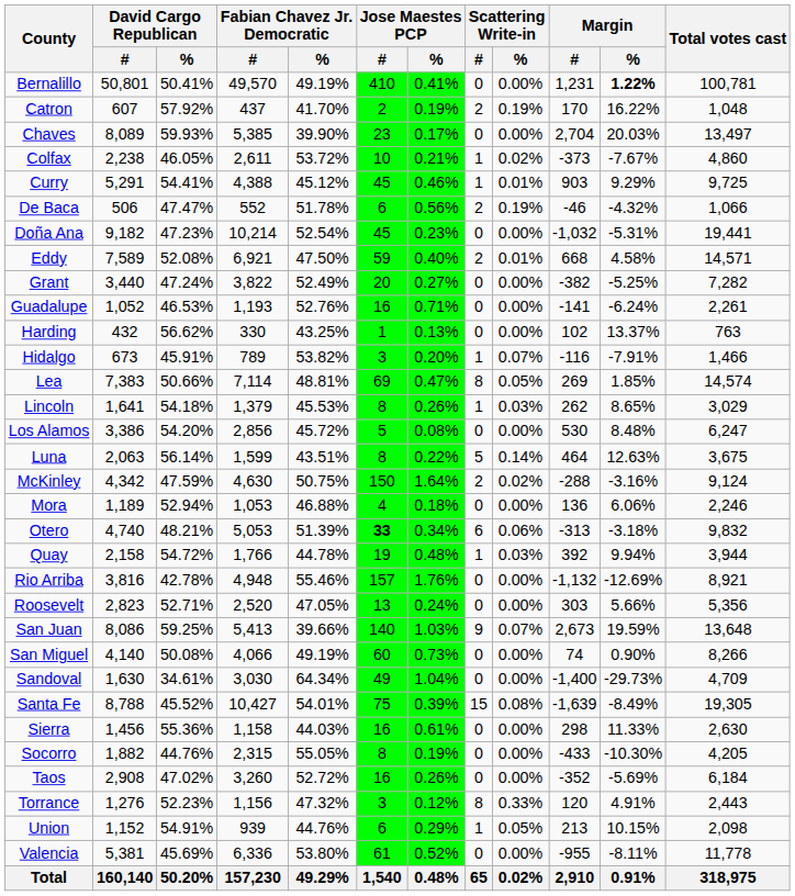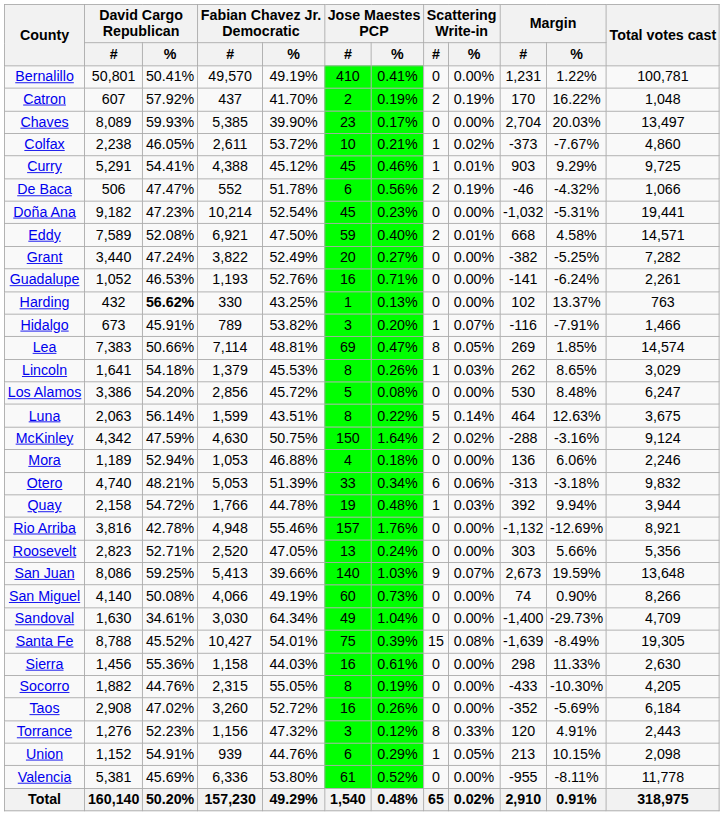 <table class="wikitable sortable" style="text-align:center">
 <tr>
 <th style="text-align:center;" rowspan="2">County</th>
 <th style="text-align:center;" colspan="2">David Cargo<br>Republican</th>
 <th style="text-align:center;" colspan="2">Fabian Chavez Jr.<br>Democratic</th>
 <th style="text-align:center;" colspan="2">Jose Maestes<br>PCP</th>
 <th style="text-align:center;" colspan="2">Scattering<br>Write-in</th>
 <th style="text-align:center;" colspan="2">Margin</th>
 <th style="text-align:center;" rowspan="2">Total votes cast</th>
 </tr>
 <tr>
 <th style="text-align:center;" data-sort-type="number">#</th>
 <th style="text-align:center;" data-sort-type="number">%</th>
 <th style="text-align:center;" data-sort-type="number">#</th>
 <th style="text-align:center;" data-sort-type="number">%</th>
 <th style="text-align:center;" data-sort-type="number">#</th>
 <th style="text-align:center;" data-sort-type="number">%</th>
 <th style="text-align:center;" data-sort-type="number">#</th>
 <th style="text-align:center;" data-sort-type="number">%</th>
 <th style="text-align:center;" data-sort-type="number">#</th>
 <th style="text-align:center;" data-sort-type="number">%</th>
 </tr>
 <tr style="text-align:center;">
 <td><a href='#'>Bernalillo</a></td>
 <td>50,801</td>
 <td>50.41%</td>
 <td>49,570</td>
 <td>49.19%</td>
 <td bgcolor="#00FF00">410</td>
 <td bgcolor="#00FF00">0.41%</td>
 <td>0</td>
 <td>0.00%</td>
 <td>1,231</td>
-<td><strong>1.22%</strong></td>
+<td>1.22%</td>
 <td>100,781</td>
 </tr>
 <tr style="text-align:center;">
 <td><a href='#'>Catron</a></td>
 <td>607</td>
 <td>57.92%</td>
 <td>437</td>
 <td>41.70%</td>
 <td bgcolor="#00FF00">2</td>
 <td bgcolor="#00FF00">0.19%</td>
 <td>2</td>
 <td>0.19%</td>
 <td>170</td>
 <td>16.22%</td>
 <td>1,048</td>
 </tr>
 <tr style="text-align:center;">
 <td><a href='#'>Chaves</a></td>
 <td>8,089</td>
 <td>59.93%</td>
 <td>5,385</td>
 <td>39.90%</td>
 <td bgcolor="#00FF00">23</td>
 <td bgcolor="#00FF00">0.17%</td>
 <td>0</td>
 <td>0.00%</td>
 <td>2,704</td>
 <td>20.03%</td>
 <td>13,497</td>
 </tr>
 <tr style="text-align:center;">
 <td><a href='#'>Colfax</a></td>
 <td>2,238</td>
 <td>46.05%</td>
 <td>2,611</td>
 <td>53.72%</td>
 <td bgcolor="#00FF00">10</td>
 <td bgcolor="#00FF00">0.21%</td>
 <td>1</td>
 <td>0.02%</td>
 <td>-373</td>
 <td>-7.67%</td>
 <td>4,860</td>
 </tr>
 <tr style="text-align:center;">
 <td><a href='#'>Curry</a></td>
 <td>5,291</td>
 <td>54.41%</td>
 <td>4,388</td>
 <td>45.12%</td>
 <td bgcolor="#00FF00">45</td>
 <td bgcolor="#00FF00">0.46%</td>
 <td>1</td>
 <td>0.01%</td>
 <td>903</td>
 <td>9.29%</td>
 <td>9,725</td>
 </tr>
 <tr style="text-align:center;">
 <td><a href='#'>De Baca</a></td>
 <td>506</td>
 <td>47.47%</td>
 <td>552</td>
 <td>51.78%</td>
 <td bgcolor="#00FF00">6</td>
 <td bgcolor="#00FF00">0.56%</td>
 <td>2</td>
 <td>0.19%</td>
 <td>-46</td>
 <td>-4.32%</td>
 <td>1,066</td>
 </tr>
 <tr style="text-align:center;">
 <td><a href='#'>Doña Ana</a></td>
 <td>9,182</td>
 <td>47.23%</td>
 <td>10,214</td>
 <td>52.54%</td>
 <td bgcolor="#00FF00">45</td>
 <td bgcolor="#00FF00">0.23%</td>
 <td>0</td>
 <td>0.00%</td>
 <td>-1,032</td>
 <td>-5.31%</td>
 <td>19,441</td>
 </tr>
 <tr style="text-align:center;">
 <td><a href='#'>Eddy</a></td>
 <td>7,589</td>
 <td>52.08%</td>
 <td>6,921</td>
 <td>47.50%</td>
 <td bgcolor="#00FF00">59</td>
 <td bgcolor="#00FF00">0.40%</td>
 <td>2</td>
 <td>0.01%</td>
 <td>668</td>
 <td>4.58%</td>
 <td>14,571</td>
 </tr>
 <tr style="text-align:center;">
 <td><a href='#'>Grant</a></td>
 <td>3,440</td>
 <td>47.24%</td>
 <td>3,822</td>
 <td>52.49%</td>
 <td bgcolor="#00FF00">20</td>
 <td bgcolor="#00FF00">0.27%</td>
 <td>0</td>
 <td>0.00%</td>
 <td>-382</td>
 <td>-5.25%</td>
 <td>7,282</td>
 </tr>
 <tr style="text-align:center;">
 <td><a href='#'>Guadalupe</a></td>
 <td>1,052</td>
 <td>46.53%</td>
 <td>1,193</td>
 <td>52.76%</td>
 <td bgcolor="#00FF00">16</td>
 <td bgcolor="#00FF00">0.71%</td>
 <td>0</td>
 <td>0.00%</td>
 <td>-141</td>
 <td>-6.24%</td>
 <td>2,261</td>
 </tr>
 <tr style="text-align:center;">
 <td><a href='#'>Harding</a></td>
 <td>432</td>
-<td>56.62%</td>
+<td><strong>56.62%</strong></td>
 <td>330</td>
 <td>43.25%</td>
 <td bgcolor="#00FF00">1</td>
 <td bgcolor="#00FF00">0.13%</td>
 <td>0</td>
 <td>0.00%</td>
 <td>102</td>
 <td>13.37%</td>
 <td>763</td>
 </tr>
 <tr style="text-align:center;">
 <td><a href='#'>Hidalgo</a></td>
 <td>673</td>
 <td>45.91%</td>
 <td>789</td>
 <td>53.82%</td>
 <td bgcolor="#00FF00">3</td>
 <td bgcolor="#00FF00">0.20%</td>
 <td>1</td>
 <td>0.07%</td>
 <td>-116</td>
 <td>-7.91%</td>
 <td>1,466</td>
 </tr>
 <tr style="text-align:center;">
 <td><a href='#'>Lea</a></td>
 <td>7,383</td>
 <td>50.66%</td>
 <td>7,114</td>
 <td>48.81%</td>
 <td bgcolor="#00FF00">69</td>
 <td bgcolor="#00FF00">0.47%</td>
 <td>8</td>
 <td>0.05%</td>
 <td>269</td>
 <td>1.85%</td>
 <td>14,574</td>
 </tr>
 <tr style="text-align:center;">
 <td><a href='#'>Lincoln</a></td>
 <td>1,641</td>
 <td>54.18%</td>
 <td>1,379</td>
 <td>45.53%</td>
 <td bgcolor="#00FF00">8</td>
 <td bgcolor="#00FF00">0.26%</td>
 <td>1</td>
 <td>0.03%</td>
 <td>262</td>
 <td>8.65%</td>
 <td>3,029</td>
 </tr>
 <tr style="text-align:center;">
 <td><a href='#'>Los Alamos</a></td>
 <td>3,386</td>
 <td>54.20%</td>
 <td>2,856</td>
 <td>45.72%</td>
 <td bgcolor="#00FF00">5</td>
 <td bgcolor="#00FF00">0.08%</td>
 <td>0</td>
 <td>0.00%</td>
 <td>530</td>
 <td>8.48%</td>
 <td>6,247</td>
 </tr>
 <tr style="text-align:center;">
 <td><a href='#'>Luna</a></td>
 <td>2,063</td>
 <td>56.14%</td>
 <td>1,599</td>
 <td>43.51%</td>
 <td bgcolor="#00FF00">8</td>
 <td bgcolor="#00FF00">0.22%</td>
 <td>5</td>
 <td>0.14%</td>
 <td>464</td>
 <td>12.63%</td>
 <td>3,675</td>
 </tr>
 <tr style="text-align:center;">
 <td><a href='#'>McKinley</a></td>
 <td>4,342</td>
 <td>47.59%</td>
 <td>4,630</td>
 <td>50.75%</td>
 <td bgcolor="#00FF00">150</td>
 <td bgcolor="#00FF00">1.64%</td>
 <td>2</td>
 <td>0.02%</td>
 <td>-288</td>
 <td>-3.16%</td>
 <td>9,124</td>
 </tr>
 <tr style="text-align:center;">
 <td><a href='#'>Mora</a></td>
 <td>1,189</td>
 <td>52.94%</td>
 <td>1,053</td>
 <td>46.88%</td>
 <td bgcolor="#00FF00">4</td>
 <td bgcolor="#00FF00">0.18%</td>
 <td>0</td>
 <td>0.00%</td>
 <td>136</td>
 <td>6.06%</td>
 <td>2,246</td>
 </tr>
 <tr style="text-align:center;">
 <td><a href='#'>Otero</a></td>
 <td>4,740</td>
 <td>48.21%</td>
 <td>5,053</td>
 <td>51.39%</td>
-<td bgcolor="#00FF00"><strong>33</strong></td>
+<td bgcolor="#00FF00">33</td>
 <td bgcolor="#00FF00">0.34%</td>
 <td>6</td>
 <td>0.06%</td>
 <td>-313</td>
 <td>-3.18%</td>
 <td>9,832</td>
 </tr>
 <tr style="text-align:center;">
 <td><a href='#'>Quay</a></td>
 <td>2,158</td>
 <td>54.72%</td>
 <td>1,766</td>
 <td>44.78%</td>
 <td bgcolor="#00FF00">19</td>
 <td bgcolor="#00FF00">0.48%</td>
 <td>1</td>
 <td>0.03%</td>
 <td>392</td>
 <td>9.94%</td>
 <td>3,944</td>
 </tr>
 <tr style="text-align:center;">
 <td><a href='#'>Rio Arriba</a></td>
 <td>3,816</td>
 <td>42.78%</td>
 <td>4,948</td>
 <td>55.46%</td>
 <td bgcolor="#00FF00">157</td>
 <td bgcolor="#00FF00">1.76%</td>
 <td>0</td>
 <td>0.00%</td>
 <td>-1,132</td>
 <td>-12.69%</td>
 <td>8,921</td>
 </tr>
 <tr style="text-align:center;">
 <td><a href='#'>Roosevelt</a></td>
 <td>2,823</td>
 <td>52.71%</td>
 <td>2,520</td>
 <td>47.05%</td>
 <td bgcolor="#00FF00">13</td>
 <td bgcolor="#00FF00">0.24%</td>
 <td>0</td>
 <td>0.00%</td>
 <td>303</td>
 <td>5.66%</td>
 <td>5,356</td>
 </tr>
 <tr style="text-align:center;">
 <td><a href='#'>San Juan</a></td>
 <td>8,086</td>
 <td>59.25%</td>
 <td>5,413</td>
 <td>39.66%</td>
 <td bgcolor="#00FF00">140</td>
 <td bgcolor="#00FF00">1.03%</td>
 <td>9</td>
 <td>0.07%</td>
 <td>2,673</td>
 <td>19.59%</td>
 <td>13,648</td>
 </tr>
 <tr style="text-align:center;">
 <td><a href='#'>San Miguel</a></td>
 <td>4,140</td>
 <td>50.08%</td>
 <td>4,066</td>
 <td>49.19%</td>
 <td bgcolor="#00FF00">60</td>
 <td bgcolor="#00FF00">0.73%</td>
 <td>0</td>
 <td>0.00%</td>
 <td>74</td>
 <td>0.90%</td>
 <td>8,266</td>
 </tr>
 <tr style="text-align:center;">
 <td><a href='#'>Sandoval</a></td>
 <td>1,630</td>
 <td>34.61%</td>
 <td>3,030</td>
 <td>64.34%</td>
 <td bgcolor="#00FF00">49</td>
 <td bgcolor="#00FF00">1.04%</td>
 <td>0</td>
 <td>0.00%</td>
 <td>-1,400</td>
 <td>-29.73%</td>
 <td>4,709</td>
 </tr>
 <tr style="text-align:center;">
 <td><a href='#'>Santa Fe</a></td>
 <td>8,788</td>
 <td>45.52%</td>
 <td>10,427</td>
 <td>54.01%</td>
 <td bgcolor="#00FF00">75</td>
 <td bgcolor="#00FF00">0.39%</td>
 <td>15</td>
 <td>0.08%</td>
 <td>-1,639</td>
 <td>-8.49%</td>
 <td>19,305</td>
 </tr>
 <tr style="text-align:center;">
 <td><a href='#'>Sierra</a></td>
 <td>1,456</td>
 <td>55.36%</td>
 <td>1,158</td>
 <td>44.03%</td>
 <td bgcolor="#00FF00">16</td>
 <td bgcolor="#00FF00">0.61%</td>
 <td>0</td>
 <td>0.00%</td>
 <td>298</td>
 <td>11.33%</td>
 <td>2,630</td>
 </tr>
 <tr style="text-align:center;">
 <td><a href='#'>Socorro</a></td>
 <td>1,882</td>
 <td>44.76%</td>
 <td>2,315</td>
 <td>55.05%</td>
 <td bgcolor="#00FF00">8</td>
 <td bgcolor="#00FF00">0.19%</td>
 <td>0</td>
 <td>0.00%</td>
 <td>-433</td>
 <td>-10.30%</td>
 <td>4,205</td>
 </tr>
 <tr style="text-align:center;">
 <td><a href='#'>Taos</a></td>
 <td>2,908</td>
 <td>47.02%</td>
 <td>3,260</td>
 <td>52.72%</td>
 <td bgcolor="#00FF00">16</td>
 <td bgcolor="#00FF00">0.26%</td>
 <td>0</td>
 <td>0.00%</td>
 <td>-352</td>
 <td>-5.69%</td>
 <td>6,184</td>
 </tr>
 <tr style="text-align:center;">
 <td><a href='#'>Torrance</a></td>
 <td>1,276</td>
 <td>52.23%</td>
 <td>1,156</td>
 <td>47.32%</td>
 <td bgcolor="#00FF00">3</td>
 <td bgcolor="#00FF00">0.12%</td>
 <td>8</td>
 <td>0.33%</td>
 <td>120</td>
 <td>4.91%</td>
 <td>2,443</td>
 </tr>
 <tr style="text-align:center;">
 <td><a href='#'>Union</a></td>
 <td>1,152</td>
 <td>54.91%</td>
 <td>939</td>
 <td>44.76%</td>
 <td bgcolor="#00FF00">6</td>
 <td bgcolor="#00FF00">0.29%</td>
 <td>1</td>
 <td>0.05%</td>
 <td>213</td>
 <td>10.15%</td>
 <td>2,098</td>
 </tr>
 <tr style="text-align:center;">
 <td><a href='#'>Valencia</a></td>
 <td>5,381</td>
 <td>45.69%</td>
 <td>6,336</td>
 <td>53.80%</td>
 <td bgcolor="#00FF00">61</td>
 <td bgcolor="#00FF00">0.52%</td>
 <td>0</td>
 <td>0.00%</td>
 <td>-955</td>
 <td>-8.11%</td>
 <td>11,778</td>
 </tr>
 <tr style="text-align:center;">
 <th>Total</th>
 <th>160,140</th>
 <th>50.20%</th>
 <th>157,230</th>
 <th>49.29%</th>
 <th>1,540</th>
 <th>0.48%</th>
 <th>65</th>
 <th>0.02%</th>
 <th>2,910</th>
 <th>0.91%</th>
 <th>318,975</th>
 </tr>
 </table>
